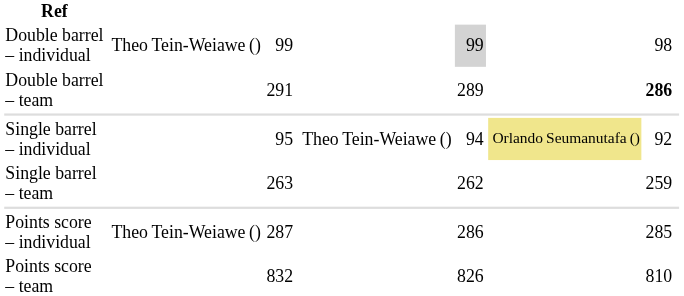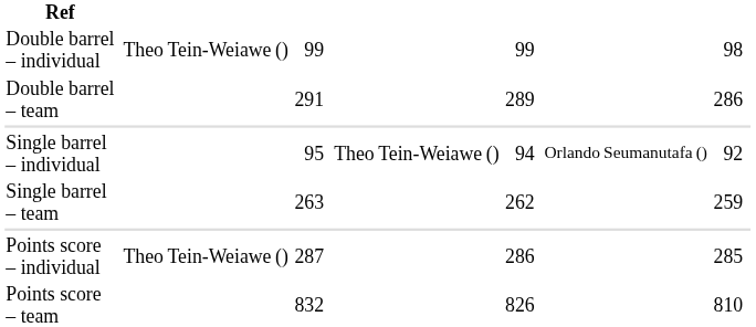 <table>
 <tr>
 <th style="padding:1px;">Ref</th>
 </tr>
 <tr>
 <td>Double barrel<br> – individual</td>
 <td style="padding-left:2px padding-right:0;"> Theo Tein-Weiawe <span>()</span></td>
 <td style="text-align:right; padding:2px;">99</td>
 <td></td>
-<td style="background: lightgrey; text-align:right; padding:2px;">99</td>
+<td style="text-align:right; padding:2px;">99</td>
 <td></td>
 <td style="text-align:right; padding:2px;">98</td>
 <td align=center rowspan=2></td>
 </tr>
 <tr>
 <td>Double barrel<br> – team</td>
 <td style=vertical-align:top;><br></td>
 <td style="text-align:right; padding:2px;">291</td>
 <td style=vertical-align:top;><br></td>
 <td style="text-align:right; padding:2px;">289</td>
 <td style=vertical-align:top;><br></td>
-<td style="text-align:right; padding:2px;"><strong>286</strong></td>
+<td style="text-align:right; padding:2px;">286</td>
 </tr>
 <tr bgcolor=#ddd>
 <td colspan=8></td>
 </tr>
 <tr>
 <td>Single barrel<br> – individual</td>
 <td></td>
 <td style="text-align:right; padding:2px;">95</td>
 <td style="padding-left:2px padding-right:0;"> Theo Tein-Weiawe <span>()</span></td>
 <td style="text-align:right; padding:2px;">94</td>
-<td style="background: khaki; padding-left:2px padding-right:0; font-size:87%;"> Orlando Seumanutafa <span>()</span></td>
+<td style="padding-left:2px padding-right:0; font-size:87%;"> Orlando Seumanutafa <span>()</span></td>
 <td style="text-align:right; padding:2px;">92</td>
 <td align=center rowspan=2></td>
 </tr>
 <tr>
 <td>Single barrel<br> – team</td>
 <td style=vertical-align:top;><br></td>
 <td style="text-align:right; padding:2px;">263</td>
 <td style=vertical-align:top;><br></td>
 <td style="text-align:right; padding:2px;">262</td>
 <td style=vertical-align:top;><br></td>
 <td style="text-align:right; padding:2px;">259</td>
 </tr>
 <tr bgcolor=#ddd>
 <td colspan=8></td>
 </tr>
 <tr>
 <td>Points score<br> – individual</td>
 <td style="padding-left:2px padding-right:0;"> Theo Tein-Weiawe <span>()</span></td>
 <td style="text-align:right; padding:2px;">287</td>
 <td></td>
 <td style="text-align:right; padding:2px;">286</td>
 <td></td>
 <td style="text-align:right; padding:2px;">285</td>
 <td align=center rowspan=2></td>
 </tr>
 <tr>
 <td>Points score<br> – team</td>
 <td style=vertical-align:top;><br></td>
 <td style="text-align:right; padding:2px;">832</td>
 <td style=vertical-align:top;><br></td>
 <td style="text-align:right; padding:2px;">826</td>
 <td style=vertical-align:top;><br></td>
 <td style="text-align:right; padding:2px;">810</td>
 </tr>
 </table>
